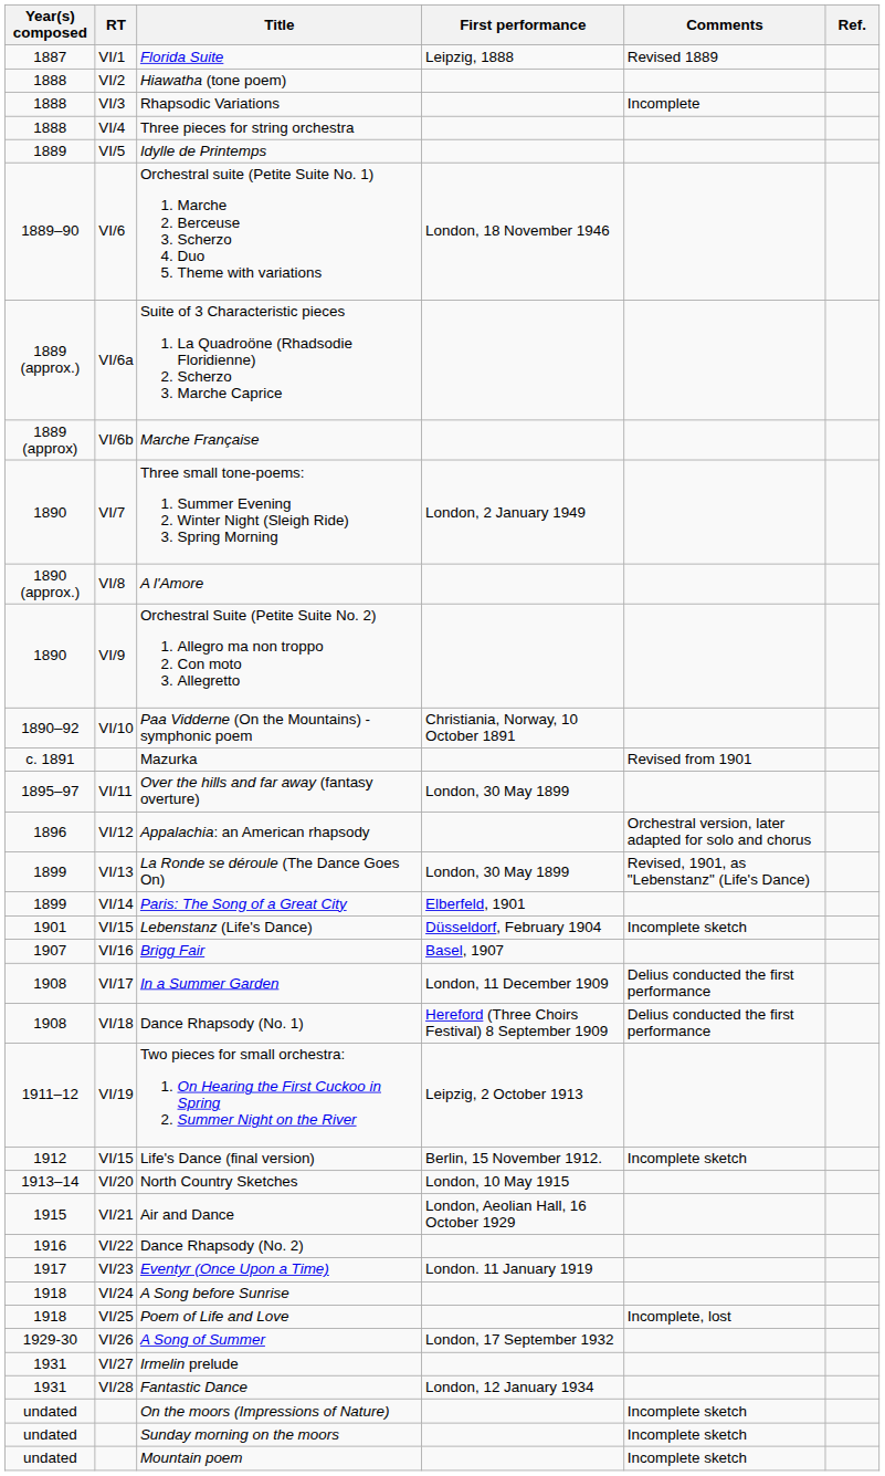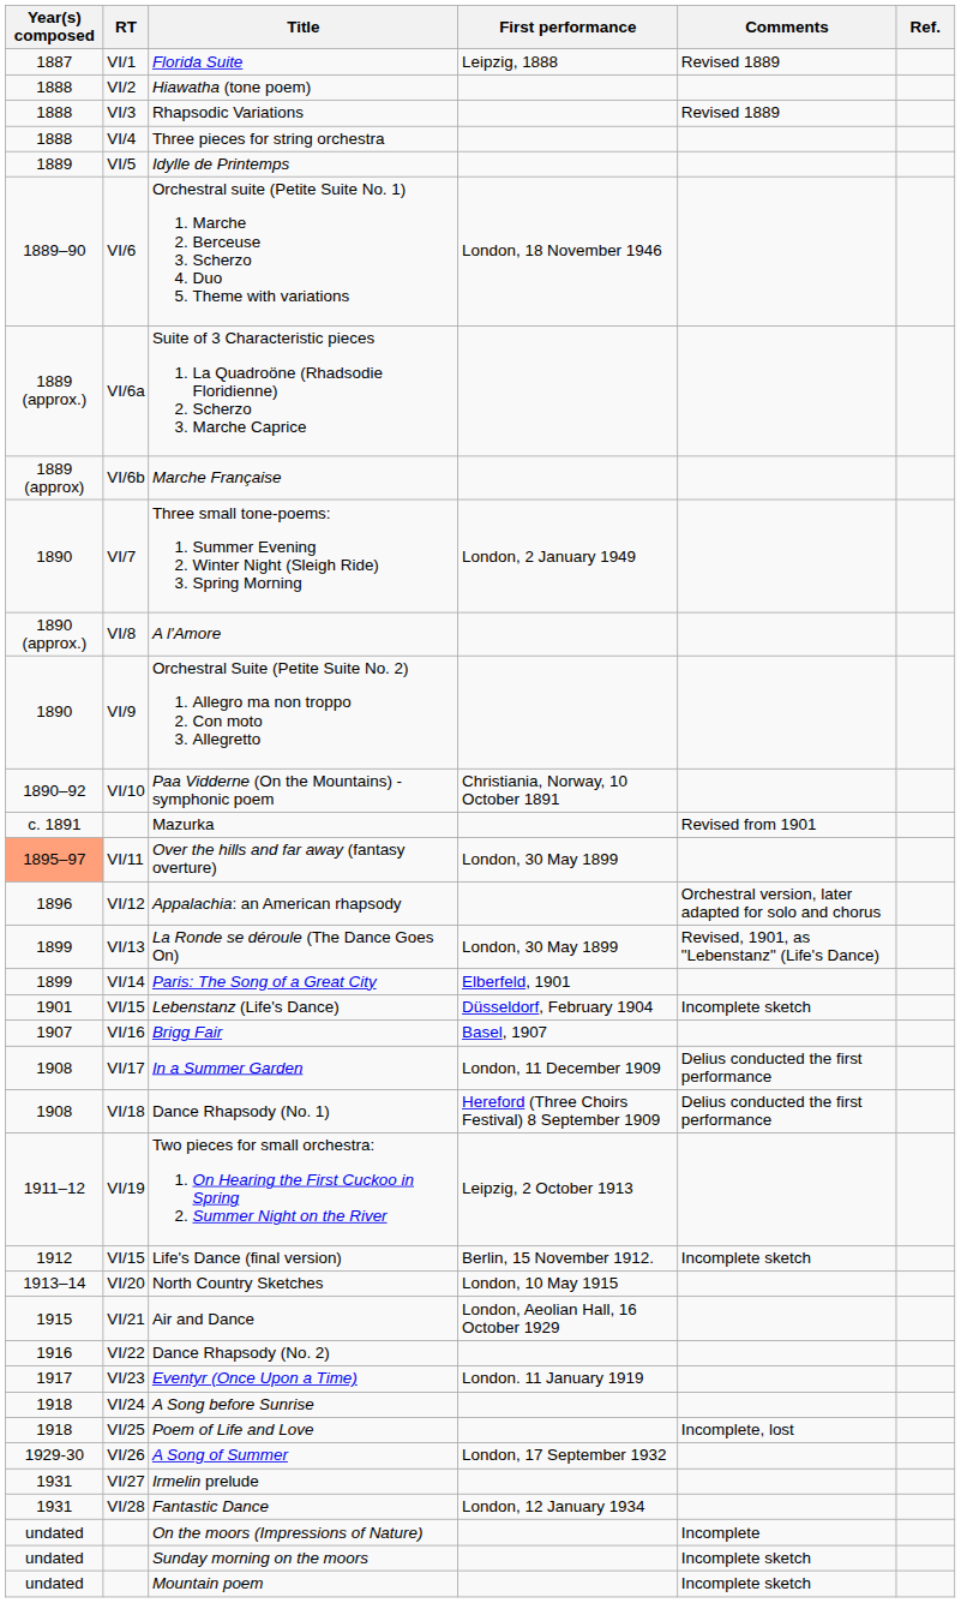 <table Class = "wikitable sortable">
 <tr>
 <th width="90">Year(s) composed</th>
 <th>RT</th>
 <th width="300">Title</th>
 <th width="210">First performance</th>
 <th width="210">Comments</th>
 <th width= "50">Ref.</th>
 </tr>
 <tr>
 <td align= "center">1887</td>
 <td>VI/1</td>
 <td><em><a href='#'>Florida Suite</a></em></td>
 <td>Leipzig, 1888</td>
 <td>Revised 1889</td>
 <td></td>
 </tr>
 <tr>
 <td align= "center">1888</td>
 <td>VI/2</td>
 <td><em>Hiawatha</em> (tone poem)</td>
 <td></td>
 <td></td>
 <td></td>
 </tr>
 <tr>
 <td align= "center">1888</td>
 <td>VI/3</td>
 <td>Rhapsodic Variations</td>
 <td></td>
-<td>Incomplete</td>
+<td>Revised 1889</td>
 <td></td>
 </tr>
 <tr>
 <td align= "center">1888</td>
 <td>VI/4</td>
 <td>Three pieces for string orchestra</td>
 <td></td>
 <td></td>
 <td></td>
 </tr>
 <tr>
 <td align= "center">1889</td>
 <td>VI/5</td>
 <td><em>Idylle de Printemps</em></td>
 <td></td>
 <td></td>
 <td></td>
 </tr>
 <tr>
 <td align= "center">1889–90</td>
 <td>VI/6</td>
 <td>Orchestral suite (Petite Suite No. 1)<br><ol><li>Marche</li><li>Berceuse</li><li>Scherzo</li><li>Duo</li><li>Theme with variations</li></ol></td>
 <td>London, 18 November 1946</td>
 <td></td>
 <td></td>
 </tr>
 <tr>
 <td align= "center">1889 (approx.)</td>
 <td>VI/6a</td>
 <td>Suite of 3 Characteristic pieces<br><ol><li>La Quadroöne (Rhadsodie Floridienne)</li><li>Scherzo</li><li>Marche Caprice</li></ol></td>
 <td></td>
 <td></td>
 <td></td>
 </tr>
 <tr>
 <td align= "center">1889 (approx)</td>
 <td>VI/6b</td>
 <td><em>Marche Française</em></td>
 <td></td>
 <td></td>
 <td></td>
 </tr>
 <tr>
 <td align= "center">1890</td>
 <td>VI/7</td>
 <td>Three small tone-poems:<br><ol><li>Summer Evening</li><li>Winter Night (Sleigh Ride)</li><li>Spring Morning</li></ol></td>
 <td>London, 2 January 1949</td>
 <td></td>
 <td></td>
 </tr>
 <tr>
 <td align= "center">1890 (approx.)</td>
 <td>VI/8</td>
 <td><em>A l'Amore</em></td>
 <td></td>
 <td></td>
 <td></td>
 </tr>
 <tr>
 <td align= "center">1890</td>
 <td>VI/9</td>
 <td>Orchestral Suite (Petite Suite No. 2)<br><ol><li>Allegro ma non troppo</li><li>Con moto</li><li>Allegretto</li></ol></td>
 <td></td>
 <td></td>
 <td></td>
 </tr>
 <tr>
 <td align= "center">1890–92</td>
 <td>VI/10</td>
 <td><em>Paa Vidderne</em> (On the Mountains) - symphonic poem</td>
 <td>Christiania, Norway, 10 October 1891</td>
 <td></td>
 <td></td>
 </tr>
 <tr>
 <td align= "center">c. 1891</td>
 <td></td>
 <td>Mazurka</td>
 <td></td>
 <td>Revised from 1901</td>
 <td></td>
 </tr>
 <tr>
-<td align= "center">1895–97</td>
+<td align= "center" style="background: lightsalmon;">1895–97</td>
 <td>VI/11</td>
 <td><em>Over the hills and far away</em> (fantasy overture)</td>
 <td>London, 30 May 1899</td>
 <td></td>
 <td></td>
 </tr>
 <tr>
 <td align= "center">1896</td>
 <td>VI/12</td>
 <td><em>Appalachia</em>: an American rhapsody</td>
 <td></td>
 <td>Orchestral version, later adapted for solo and chorus</td>
 <td></td>
 </tr>
 <tr>
 <td align= "center">1899</td>
 <td>VI/13</td>
 <td><em>La Ronde se déroule</em> (The Dance Goes On)</td>
 <td>London, 30 May 1899</td>
 <td>Revised, 1901, as  "Lebenstanz" (Life's Dance)</td>
 <td></td>
 </tr>
 <tr>
 <td align= "center">1899</td>
 <td>VI/14</td>
 <td><em><a href='#'>Paris: The Song of a Great City</a></em></td>
 <td><a href='#'>Elberfeld</a>, 1901</td>
 <td></td>
 <td></td>
 </tr>
 <tr>
 <td align= "center">1901</td>
 <td>VI/15</td>
 <td><em>Lebenstanz</em> (Life's Dance)</td>
 <td><a href='#'>Düsseldorf</a>, February 1904</td>
 <td>Incomplete sketch</td>
 <td></td>
 </tr>
 <tr>
 <td align= "center">1907</td>
 <td>VI/16</td>
 <td><em><a href='#'>Brigg Fair</a></em></td>
 <td><a href='#'>Basel</a>, 1907</td>
 <td></td>
 <td></td>
 </tr>
 <tr>
 <td align= "center">1908</td>
 <td>VI/17</td>
 <td><em><a href='#'>In a Summer Garden</a></em></td>
 <td>London, 11 December 1909</td>
 <td>Delius conducted the first performance</td>
 <td></td>
 </tr>
 <tr>
 <td align= "center">1908</td>
 <td>VI/18</td>
 <td>Dance Rhapsody (No. 1)</td>
 <td><a href='#'>Hereford</a> (Three Choirs Festival) 8 September 1909</td>
 <td>Delius conducted the first performance</td>
 <td></td>
 </tr>
 <tr>
 <td align= "center">1911–12</td>
 <td>VI/19</td>
 <td>Two pieces for small orchestra:<br><ol><li><em><a href='#'>On Hearing the First Cuckoo in Spring</a></em></li><li><em><a href='#'>Summer Night on the River</a></em></li></ol></td>
 <td>Leipzig, 2 October 1913</td>
 <td></td>
 <td></td>
 </tr>
 <tr>
 <td align= "center">1912</td>
 <td>VI/15</td>
 <td>Life's Dance (final version)</td>
 <td>Berlin, 15 November 1912.</td>
 <td>Incomplete sketch</td>
 <td></td>
 </tr>
 <tr>
 <td align= "center">1913–14</td>
 <td>VI/20</td>
 <td>North Country Sketches</td>
 <td>London, 10 May 1915</td>
 <td></td>
 <td></td>
 </tr>
 <tr>
 <td align= "center">1915</td>
 <td>VI/21</td>
 <td>Air and Dance</td>
 <td>London, Aeolian Hall, 16 October 1929</td>
 <td></td>
 <td></td>
 </tr>
 <tr>
 <td align= "center">1916</td>
 <td>VI/22</td>
 <td>Dance Rhapsody (No. 2)</td>
 <td></td>
 <td></td>
 <td></td>
 </tr>
 <tr>
 <td align= "center">1917</td>
 <td>VI/23</td>
 <td><em><a href='#'>Eventyr (Once Upon a Time)</a></em></td>
 <td>London. 11 January 1919</td>
 <td></td>
 <td></td>
 </tr>
 <tr>
 <td align= "center">1918</td>
 <td>VI/24</td>
 <td><em>A Song before Sunrise</em></td>
 <td></td>
 <td></td>
 <td></td>
 </tr>
 <tr>
 <td align= "center">1918</td>
 <td>VI/25</td>
 <td><em>Poem of Life and Love</em></td>
 <td></td>
 <td>Incomplete, lost</td>
 <td></td>
 </tr>
 <tr>
 <td align= "center">1929-30</td>
 <td>VI/26</td>
 <td><em><a href='#'>A Song of Summer</a></em></td>
 <td>London, 17 September 1932</td>
 <td></td>
 <td></td>
 </tr>
 <tr>
 <td align= "center">1931</td>
 <td>VI/27</td>
 <td><em>Irmelin</em> prelude</td>
 <td></td>
 <td></td>
 <td></td>
 </tr>
 <tr>
 <td align= "center">1931</td>
 <td>VI/28</td>
 <td><em>Fantastic Dance</em></td>
 <td>London, 12 January 1934</td>
 <td></td>
 <td></td>
 </tr>
 <tr>
 <td align= "center">undated</td>
 <td></td>
 <td><em>On the moors (Impressions of Nature)</em></td>
 <td></td>
-<td>Incomplete sketch</td>
+<td>Incomplete</td>
 <td></td>
 </tr>
 <tr>
 <td align= "center">undated</td>
 <td></td>
 <td><em>Sunday morning on the moors</em></td>
 <td></td>
 <td>Incomplete sketch</td>
 <td></td>
 </tr>
 <tr>
 <td align= "center">undated</td>
 <td></td>
 <td><em>Mountain poem</em></td>
 <td></td>
 <td>Incomplete sketch</td>
 <td></td>
 </tr>
 </table>
